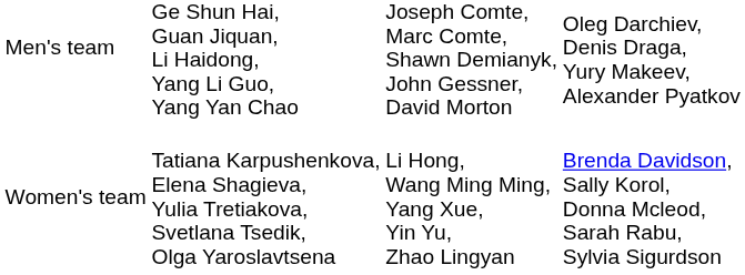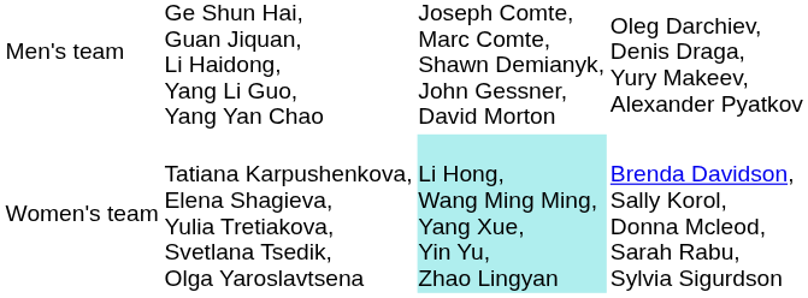 <table>
 <tr>
 <td>Men's team</td>
 <td><br>Ge Shun Hai,<br>Guan Jiquan,<br>Li Haidong,<br>Yang Li Guo,<br>Yang Yan Chao</td>
 <td><br>Joseph Comte,<br>Marc Comte,<br>Shawn Demianyk,<br>John Gessner,<br>David Morton</td>
 <td><br>Oleg Darchiev,<br>Denis Draga,<br>Yury Makeev,<br>Alexander Pyatkov</td>
 </tr>
 <tr>
 <td>Women's team</td>
 <td><br>Tatiana Karpushenkova,<br>Elena Shagieva,<br>Yulia Tretiakova,<br>Svetlana Tsedik,<br>Olga Yaroslavtsena</td>
-<td><br>Li Hong,<br>Wang Ming Ming,<br>Yang Xue,<br>Yin Yu,<br>Zhao Lingyan</td>
+<td style="background: paleturquoise;"><br>Li Hong,<br>Wang Ming Ming,<br>Yang Xue,<br>Yin Yu,<br>Zhao Lingyan</td>
 <td><br><a href='#'>Brenda Davidson</a>,<br>Sally Korol,<br>Donna Mcleod,<br>Sarah Rabu,<br>Sylvia Sigurdson</td>
 </tr>
 </table>
